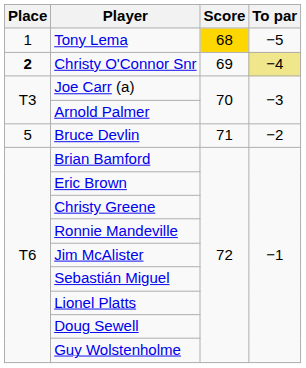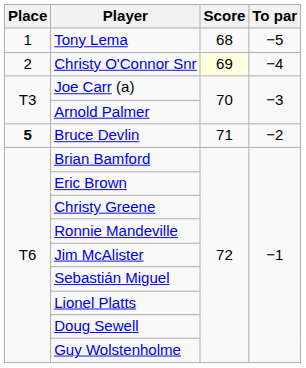 <table class="wikitable">
 <tr>
 <th>Place</th>
 <th>Player</th>
 <th>Score</th>
 <th>To par</th>
 </tr>
 <tr>
 <td align=center>1</td>
 <td> <a href='#'>Tony Lema</a></td>
-<td align=center style="background: gold;">68</td>
+<td align=center>68</td>
 <td align=center>−5</td>
 </tr>
 <tr>
-<td align=center><strong>2</strong></td>
+<td align=center>2</td>
 <td> <a href='#'>Christy O'Connor Snr</a></td>
-<td align=center>69</td>
-<td align=center style="background: khaki;">−4</td>
+<td align=center style="background: lightyellow;">69</td>
+<td align=center>−4</td>
 </tr>
 <tr>
 <td rowspan="2" align=center>T3</td>
 <td> <a href='#'>Joe Carr</a> (a)</td>
 <td rowspan="2" align=center>70</td>
 <td rowspan="2" align=center>−3</td>
 </tr>
 <tr>
 <td> <a href='#'>Arnold Palmer</a></td>
 </tr>
 <tr>
-<td align=center>5</td>
+<td align=center><strong>5</strong></td>
 <td> <a href='#'>Bruce Devlin</a></td>
 <td align=center>71</td>
 <td align=center>−2</td>
 </tr>
 <tr>
 <td rowspan="9" align=center>T6</td>
 <td> <a href='#'>Brian Bamford</a></td>
 <td rowspan="9" align=center>72</td>
 <td rowspan="9" align=center>−1</td>
 </tr>
 <tr>
 <td> <a href='#'>Eric Brown</a></td>
 </tr>
 <tr>
 <td> <a href='#'>Christy Greene</a></td>
 </tr>
 <tr>
 <td> <a href='#'>Ronnie Mandeville</a></td>
 </tr>
 <tr>
 <td> <a href='#'>Jim McAlister</a></td>
 </tr>
 <tr>
 <td> <a href='#'>Sebastián Miguel</a></td>
 </tr>
 <tr>
 <td> <a href='#'>Lionel Platts</a></td>
 </tr>
 <tr>
 <td> <a href='#'>Doug Sewell</a></td>
 </tr>
 <tr>
 <td> <a href='#'>Guy Wolstenholme</a></td>
 </tr>
 </table>
